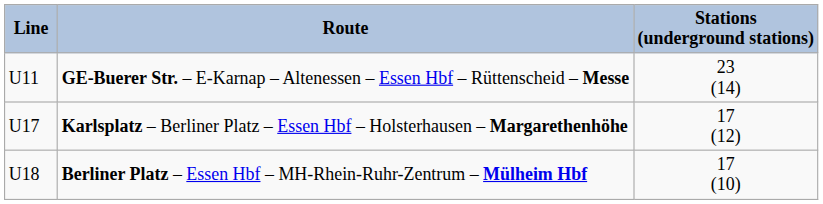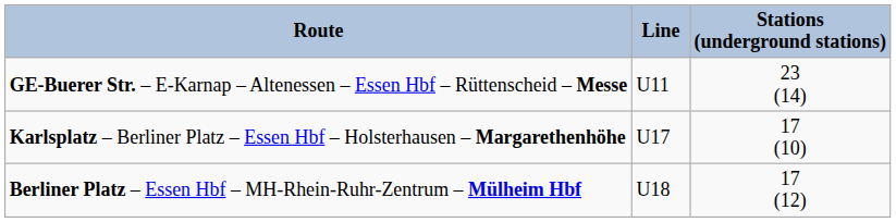 <table class="wikitable">
 <tr>
+<th style="background: lightsteelblue;">Route</th>
 <th style="background: lightsteelblue;" width="40px">Line</th>
-<th style="background: lightsteelblue;">Route</th>
 <th style="background: lightsteelblue;">Stations<br>(underground stations)</th>
 </tr>
 <tr>
+<td><strong>GE-Buerer Str.</strong> – E-Karnap – Altenessen – <a href='#'>Essen Hbf</a> – Rüttenscheid – <strong>Messe</strong></td>
 <td style="background-color:#">U11 </td>
-<td><strong>GE-Buerer Str.</strong> – E-Karnap – Altenessen – <a href='#'>Essen Hbf</a> – Rüttenscheid – <strong>Messe</strong></td>
 <td style="text-align:center;">23<br>(14)</td>
 </tr>
 <tr>
+<td><strong>Karlsplatz</strong> – Berliner Platz – <a href='#'>Essen Hbf</a> – Holsterhausen – <strong>Margarethenhöhe</strong></td>
 <td style="background-color:#">U17 </td>
-<td><strong>Karlsplatz</strong> – Berliner Platz – <a href='#'>Essen Hbf</a> – Holsterhausen – <strong>Margarethenhöhe</strong></td>
+<td style="text-align:center;">17<br>(10)</td>
+</tr>
+<tr>
+<td><strong>Berliner Platz</strong> – <a href='#'>Essen Hbf</a> – MH-Rhein-Ruhr-Zentrum – <strong><a href='#'>Mülheim Hbf</a></strong></td>
+<td style="background-color:#">U18 </td>
 <td style="text-align:center;">17<br>(12)</td>
 </tr>
-<tr>
-<td style="background-color:#">U18 </td>
-<td><strong>Berliner Platz</strong> – <a href='#'>Essen Hbf</a> – MH-Rhein-Ruhr-Zentrum – <strong><a href='#'>Mülheim Hbf</a></strong></td>
-<td style="text-align:center;">17<br>(10)</td>
-</tr>
 </table>
